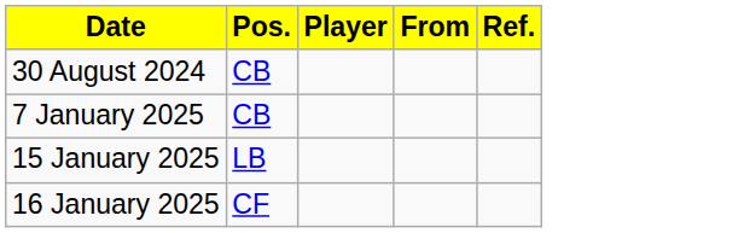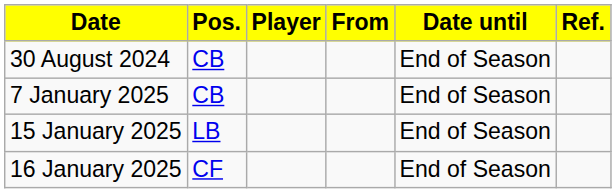 <table class="wikitable plainrowheaders sortable">
 <tr>
 <th style="background: yellow; color: black; ">Date</th>
 <th style="background: yellow; color: black; ">Pos.</th>
 <th style="background: yellow; color: black; ">Player</th>
 <th style="background: yellow; color: black; ">From</th>
+<th style="background: yellow; color: black; ">Date until</th>
 <th style="background: yellow; color: black; ">Ref.</th>
 </tr>
 <tr>
 <td>30 August 2024</td>
 <td><a href='#'>CB</a></td>
 <td></td>
 <td></td>
+<td>End of Season</td>
 <td></td>
 </tr>
 <tr>
 <td>7 January 2025</td>
 <td><a href='#'>CB</a></td>
 <td></td>
 <td></td>
+<td>End of Season</td>
 <td></td>
 </tr>
 <tr>
 <td>15 January 2025</td>
 <td><a href='#'>LB</a></td>
 <td></td>
 <td></td>
+<td>End of Season</td>
 <td></td>
 </tr>
 <tr>
 <td>16 January 2025</td>
 <td><a href='#'>CF</a></td>
 <td></td>
 <td></td>
+<td>End of Season</td>
 <td></td>
 </tr>
 </table>
